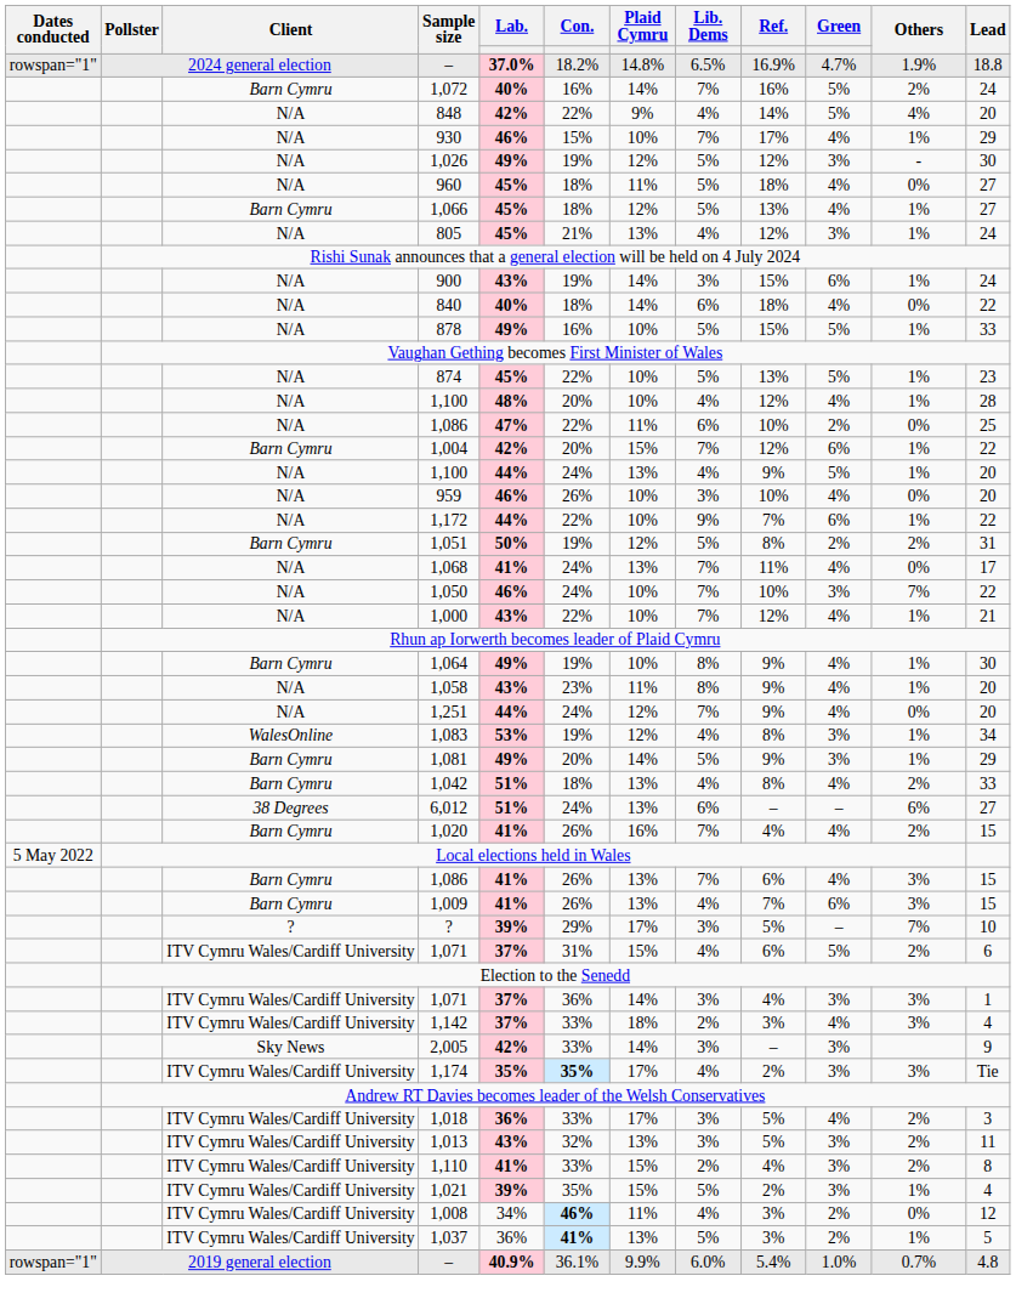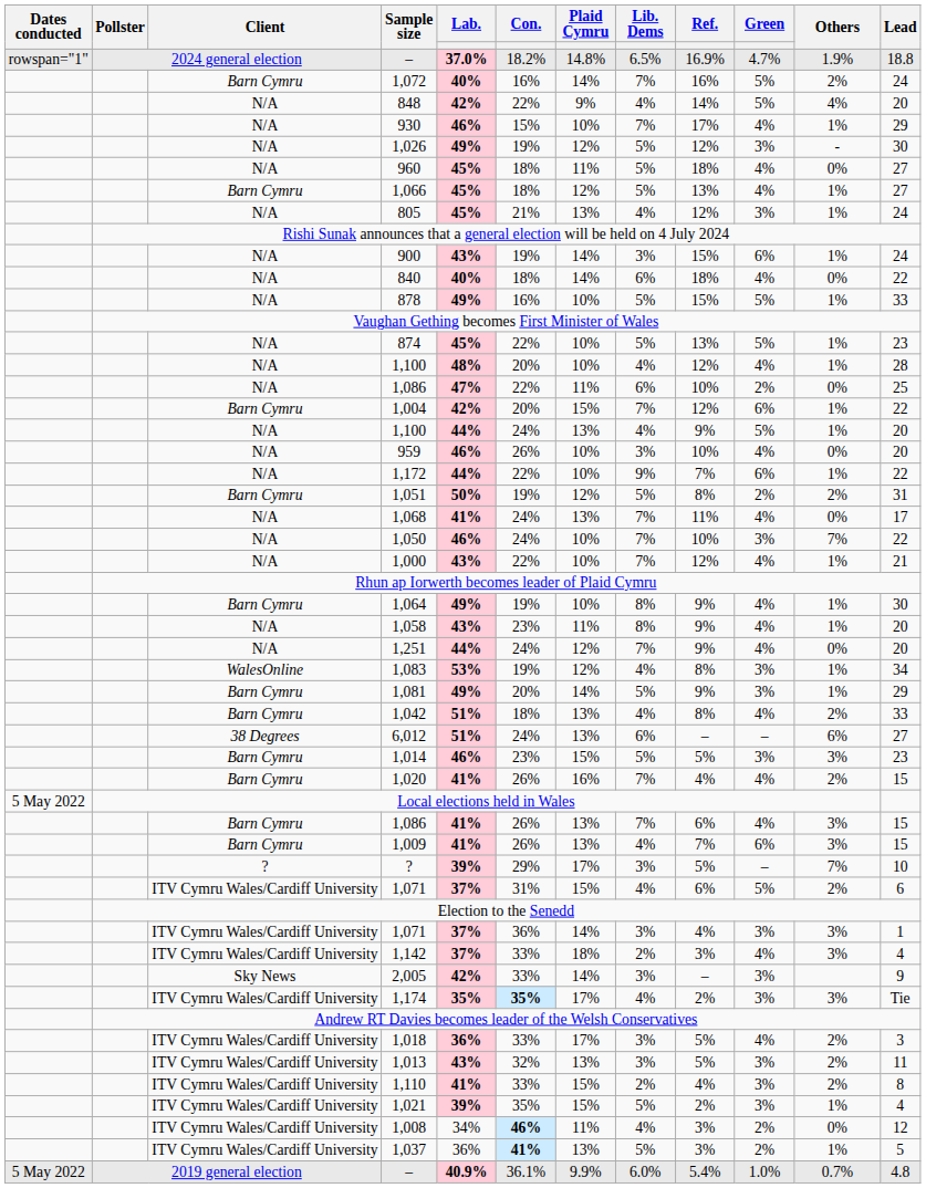 <table class="wikitable sortable mw-datatable" style="text-align:center; font-size:90%; line-height:14px;">
 <tr>
 <th rowspan="2">Dates <br>conducted</th>
 <th rowspan="2">Pollster</th>
 <th rowspan="2">Client</th>
 <th data-sort-type="number" rowspan="2">Sample <br>size</th>
 <th class="unsortable" style="width:50px;"><a href='#'>Lab.</a></th>
 <th class="unsortable" style="width:50px;"><a href='#'>Con.</a></th>
 <th class="unsortable" style="width:50px;"><a href='#'>Plaid Cymru</a></th>
 <th class="unsortable" style="width:50px;"><a href='#'>Lib. Dems</a></th>
 <th class="unsortable" style="width:50px;"><a href='#'>Ref.</a></th>
 <th class="unsortable" style="width:50px;"><a href='#'>Green</a></th>
 <th rowspan="2" class="unsortable" style="width:75px;">Others</th>
 <th data-sort-type="number" rowspan="2">Lead</th>
 </tr>
 <tr>
 <th data-sort-type="number" style="background:"></th>
 <th data-sort-type="number" style="background:"></th>
 <th data-sort-type="number" style="background:"></th>
 <th data-sort-type="number" style="background:"></th>
 <th data-sort-type="number" style="background:"></th>
 <th data-sort-type="number" style="background:"></th>
 </tr>
 <tr style="background:#e9e9e9;">
 <td>rowspan="1" </td>
 <td colspan="2"><a href='#'>2024 general election</a></td>
 <td>–</td>
 <td style="background:#ffccd9;"><strong>37.0%</strong></td>
 <td>18.2%</td>
 <td>14.8%</td>
 <td>6.5%</td>
 <td>16.9%</td>
 <td>4.7%</td>
 <td>1.9%</td>
 <td style="background:">18.8</td>
 </tr>
 <tr>
 <td></td>
 <td></td>
 <td><em>Barn Cymru</em></td>
 <td>1,072</td>
 <td style="background:#ffccd9;"><strong>40%</strong></td>
 <td>16%</td>
 <td>14%</td>
 <td>7%</td>
 <td>16%</td>
 <td>5%</td>
 <td>2%</td>
 <td style="background:">24</td>
 </tr>
 <tr>
 <td></td>
 <td></td>
 <td>N/A</td>
 <td>848</td>
 <td style="background:#ffccd9;"><strong>42%</strong></td>
 <td>22%</td>
 <td>9%</td>
 <td>4%</td>
 <td>14%</td>
 <td>5%</td>
 <td>4%</td>
 <td style="background:">20</td>
 </tr>
 <tr>
 <td></td>
 <td></td>
 <td>N/A</td>
 <td>930</td>
 <td style="background:#ffccd9;"><strong>46%</strong></td>
 <td>15%</td>
 <td>10%</td>
 <td>7%</td>
 <td>17%</td>
 <td>4%</td>
 <td>1%</td>
 <td style="background:">29</td>
 </tr>
 <tr>
 <td></td>
 <td></td>
 <td>N/A</td>
 <td>1,026</td>
 <td style="background:#ffccd9;"><strong>49%</strong></td>
 <td>19%</td>
 <td>12%</td>
 <td>5%</td>
 <td>12%</td>
 <td>3%</td>
 <td>-</td>
 <td style="background:">30</td>
 </tr>
 <tr>
 <td></td>
 <td></td>
 <td>N/A</td>
 <td>960</td>
 <td style="background:#ffccd9;"><strong>45%</strong></td>
 <td>18%</td>
 <td>11%</td>
 <td>5%</td>
 <td>18%</td>
 <td>4%</td>
 <td>0%</td>
 <td style="background:">27</td>
 </tr>
 <tr>
 <td></td>
 <td></td>
 <td><em>Barn Cymru</em></td>
 <td>1,066</td>
 <td style="background:#ffccd9;"><strong>45%</strong></td>
 <td>18%</td>
 <td>12%</td>
 <td>5%</td>
 <td>13%</td>
 <td>4%</td>
 <td>1%</td>
 <td style="background:">27</td>
 </tr>
 <tr>
 <td></td>
 <td></td>
 <td>N/A</td>
 <td>805</td>
 <td style="background:#ffccd9;"><strong>45%</strong></td>
 <td>21%</td>
 <td>13%</td>
 <td>4%</td>
 <td>12%</td>
 <td>3%</td>
 <td>1%</td>
 <td style="background:">24</td>
 </tr>
 <tr>
 <td></td>
 <td colspan="11"><a href='#'>Rishi Sunak</a> announces that a <a href='#'>general election</a> will be held on 4 July 2024</td>
 </tr>
 <tr>
 <td></td>
 <td></td>
 <td>N/A</td>
 <td>900</td>
 <td style="background:#ffccd9;"><strong>43%</strong></td>
 <td>19%</td>
 <td>14%</td>
 <td>3%</td>
 <td>15%</td>
 <td>6%</td>
 <td>1%</td>
 <td style="background:">24</td>
 </tr>
 <tr>
 <td></td>
 <td></td>
 <td>N/A</td>
 <td>840</td>
 <td style="background:#ffccd9;"><strong>40%</strong></td>
 <td>18%</td>
 <td>14%</td>
 <td>6%</td>
 <td>18%</td>
 <td>4%</td>
 <td>0%</td>
 <td style="background:">22</td>
 </tr>
 <tr>
 <td></td>
 <td></td>
 <td>N/A</td>
 <td>878</td>
 <td style="background:#ffccd9;"><strong>49%</strong></td>
 <td>16%</td>
 <td>10%</td>
 <td>5%</td>
 <td>15%</td>
 <td>5%</td>
 <td>1%</td>
 <td style="background:">33</td>
 </tr>
 <tr>
 <td></td>
 <td colspan="11"><a href='#'>Vaughan Gething</a> becomes  <a href='#'>First Minister of Wales</a></td>
 </tr>
 <tr>
 <td></td>
 <td></td>
 <td>N/A</td>
 <td>874</td>
 <td style="background:#ffccd9;"><strong>45%</strong></td>
 <td>22%</td>
 <td>10%</td>
 <td>5%</td>
 <td>13%</td>
 <td>5%</td>
 <td>1%</td>
 <td style="background:">23</td>
 </tr>
 <tr>
 <td></td>
 <td></td>
 <td>N/A</td>
 <td>1,100</td>
 <td style="background:#ffccd9;"><strong>48%</strong></td>
 <td>20%</td>
 <td>10%</td>
 <td>4%</td>
 <td>12%</td>
 <td>4%</td>
 <td>1%</td>
 <td style="background:">28</td>
 </tr>
 <tr>
 <td></td>
 <td></td>
 <td>N/A</td>
 <td>1,086</td>
 <td style="background:#ffccd9;"><strong>47%</strong></td>
 <td>22%</td>
 <td>11%</td>
 <td>6%</td>
 <td>10%</td>
 <td>2%</td>
 <td>0%</td>
 <td style="background:">25</td>
 </tr>
 <tr>
 <td></td>
 <td></td>
 <td><em>Barn Cymru</em></td>
 <td>1,004</td>
 <td style="background:#ffccd9;"><strong>42%</strong></td>
 <td>20%</td>
 <td>15%</td>
 <td>7%</td>
 <td>12%</td>
 <td>6%</td>
 <td>1%</td>
 <td style="background:">22</td>
 </tr>
 <tr>
 <td></td>
 <td></td>
 <td>N/A</td>
 <td>1,100</td>
 <td style="background:#ffccd9;"><strong>44%</strong></td>
 <td>24%</td>
 <td>13%</td>
 <td>4%</td>
 <td>9%</td>
 <td>5%</td>
 <td>1%</td>
 <td style="background:">20</td>
 </tr>
 <tr>
 <td></td>
 <td></td>
 <td>N/A</td>
 <td>959</td>
 <td style="background:#ffccd9;"><strong>46%</strong></td>
 <td>26%</td>
 <td>10%</td>
 <td>3%</td>
 <td>10%</td>
 <td>4%</td>
 <td>0%</td>
 <td style="background:">20</td>
 </tr>
 <tr>
 <td></td>
 <td></td>
 <td>N/A</td>
 <td>1,172</td>
 <td style="background:#ffccd9;"><strong>44%</strong></td>
 <td>22%</td>
 <td>10%</td>
 <td>9%</td>
 <td>7%</td>
 <td>6%</td>
 <td>1%</td>
 <td style="background:">22</td>
 </tr>
 <tr>
 <td></td>
 <td></td>
 <td><em>Barn Cymru</em></td>
 <td>1,051</td>
 <td style="background:#ffccd9;"><strong>50%</strong></td>
 <td>19%</td>
 <td>12%</td>
 <td>5%</td>
 <td>8%</td>
 <td>2%</td>
 <td>2%</td>
 <td style="background:">31</td>
 </tr>
 <tr>
 <td></td>
 <td></td>
 <td>N/A</td>
 <td>1,068</td>
 <td style="background:#ffccd9;"><strong>41%</strong></td>
 <td>24%</td>
 <td>13%</td>
 <td>7%</td>
 <td>11%</td>
 <td>4%</td>
 <td>0%</td>
 <td style="background:">17</td>
 </tr>
 <tr>
 <td></td>
 <td></td>
 <td>N/A</td>
 <td>1,050</td>
 <td style="background:#ffccd9;"><strong>46%</strong></td>
 <td>24%</td>
 <td>10%</td>
 <td>7%</td>
 <td>10%</td>
 <td>3%</td>
 <td>7%</td>
 <td style="background:">22</td>
 </tr>
 <tr>
 <td></td>
 <td></td>
 <td>N/A</td>
 <td>1,000</td>
 <td style="background:#ffccd9;"><strong>43%</strong></td>
 <td>22%</td>
 <td>10%</td>
 <td>7%</td>
 <td>12%</td>
 <td>4%</td>
 <td>1%</td>
 <td style="background:">21</td>
 </tr>
 <tr>
 <td></td>
 <td colspan="11"><a href='#'>Rhun ap Iorwerth becomes leader of Plaid Cymru</a></td>
 </tr>
 <tr>
 <td></td>
 <td></td>
 <td><em>Barn Cymru</em></td>
 <td>1,064</td>
 <td style="background:#ffccd9;"><strong>49%</strong></td>
 <td>19%</td>
 <td>10%</td>
 <td>8%</td>
 <td>9%</td>
 <td>4%</td>
 <td>1%</td>
 <td style="background:">30</td>
 </tr>
 <tr>
 <td></td>
 <td></td>
 <td>N/A</td>
 <td>1,058</td>
 <td style="background:#ffccd9;"><strong>43%</strong></td>
 <td>23%</td>
 <td>11%</td>
 <td>8%</td>
 <td>9%</td>
 <td>4%</td>
 <td>1%</td>
 <td style="background:">20</td>
 </tr>
 <tr>
 <td></td>
 <td></td>
 <td>N/A</td>
 <td>1,251</td>
 <td style="background:#ffccd9;"><strong>44%</strong></td>
 <td>24%</td>
 <td>12%</td>
 <td>7%</td>
 <td>9%</td>
 <td>4%</td>
 <td>0%</td>
 <td style="background:">20</td>
 </tr>
 <tr>
 <td></td>
 <td></td>
 <td><em>WalesOnline</em></td>
 <td>1,083</td>
 <td style="background:#ffccd9;"><strong>53%</strong></td>
 <td>19%</td>
 <td>12%</td>
 <td>4%</td>
 <td>8%</td>
 <td>3%</td>
 <td>1%</td>
 <td style="background:">34</td>
 </tr>
 <tr>
 <td></td>
 <td></td>
 <td><em>Barn Cymru</em></td>
 <td>1,081</td>
 <td style="background:#ffccd9;"><strong>49%</strong></td>
 <td>20%</td>
 <td>14%</td>
 <td>5%</td>
 <td>9%</td>
 <td>3%</td>
 <td>1%</td>
 <td style="background:">29</td>
 </tr>
 <tr>
 <td></td>
 <td></td>
 <td><em>Barn Cymru</em></td>
 <td>1,042</td>
 <td style="background:#ffccd9;"><strong>51%</strong></td>
 <td>18%</td>
 <td>13%</td>
 <td>4%</td>
 <td>8%</td>
 <td>4%</td>
 <td>2%</td>
 <td style="background:">33</td>
 </tr>
 <tr>
 <td></td>
 <td></td>
 <td><em>38 Degrees</em></td>
 <td>6,012</td>
 <td style="background:#ffccd9;"><strong>51%</strong></td>
 <td>24%</td>
 <td>13%</td>
 <td>6%</td>
 <td>–</td>
 <td>–</td>
 <td>6%</td>
 <td style="background:">27</td>
 </tr>
 <tr>
 <td></td>
 <td></td>
 <td><em>Barn Cymru</em></td>
+<td>1,014</td>
+<td style="background:#ffccd9;"><strong>46%</strong></td>
+<td>23%</td>
+<td>15%</td>
+<td>5%</td>
+<td>5%</td>
+<td>3%</td>
+<td>3%</td>
+<td style="background:">23</td>
+</tr>
+<tr>
+<td></td>
+<td></td>
+<td><em>Barn Cymru</em></td>
 <td>1,020</td>
 <td style="background:#ffccd9;"><strong>41%</strong></td>
 <td>26%</td>
 <td>16%</td>
 <td>7%</td>
 <td>4%</td>
 <td>4%</td>
 <td>2%</td>
 <td style="background:">15</td>
 </tr>
 <tr>
 <td>5 May 2022</td>
 <td colspan="10"><a href='#'>Local elections held in Wales</a></td>
 </tr>
 <tr>
 <td></td>
 <td></td>
 <td><em>Barn Cymru</em></td>
 <td>1,086</td>
 <td style="background:#ffccd9;"><strong>41%</strong></td>
 <td>26%</td>
 <td>13%</td>
 <td>7%</td>
 <td>6%</td>
 <td>4%</td>
 <td>3%</td>
 <td style="background:">15</td>
 </tr>
 <tr>
 <td></td>
 <td></td>
 <td><em>Barn Cymru</em></td>
 <td>1,009</td>
 <td style="background:#ffccd9;"><strong>41%</strong></td>
 <td>26%</td>
 <td>13%</td>
 <td>4%</td>
 <td>7%</td>
 <td>6%</td>
 <td>3%</td>
 <td style="background:">15</td>
 </tr>
 <tr>
 <td></td>
 <td></td>
 <td>?</td>
 <td>?</td>
 <td style="background:#ffccd9;"><strong>39%</strong></td>
 <td>29%</td>
 <td>17%</td>
 <td>3%</td>
 <td>5%</td>
 <td>–</td>
 <td>7%</td>
 <td style="background:">10</td>
 </tr>
 <tr>
 <td></td>
 <td></td>
 <td>ITV Cymru Wales/Cardiff University</td>
 <td>1,071</td>
 <td style="background:#ffccd9;"><strong>37%</strong></td>
 <td>31%</td>
 <td>15%</td>
 <td>4%</td>
 <td>6%</td>
 <td>5%</td>
 <td>2%</td>
 <td style="background:">6</td>
 </tr>
 <tr>
 <td></td>
 <td colspan="11">Election to the <a href='#'>Senedd</a></td>
 </tr>
 <tr>
 <td></td>
 <td></td>
 <td>ITV Cymru Wales/Cardiff University</td>
 <td>1,071</td>
 <td style="background:#ffccd9;"><strong>37%</strong></td>
 <td>36%</td>
 <td>14%</td>
 <td>3%</td>
 <td>4%</td>
 <td>3%</td>
 <td>3%</td>
 <td style="background:">1</td>
 </tr>
 <tr>
 <td></td>
 <td></td>
 <td>ITV Cymru Wales/Cardiff University</td>
 <td>1,142</td>
 <td style="background:#ffccd9;"><strong>37%</strong></td>
 <td>33%</td>
 <td>18%</td>
 <td>2%</td>
 <td>3%</td>
 <td>4%</td>
 <td>3%</td>
 <td style="background:">4</td>
 </tr>
 <tr>
 <td></td>
 <td></td>
 <td>Sky News</td>
 <td>2,005</td>
 <td style="background:#ffccd9;"><strong>42%</strong></td>
 <td>33%</td>
 <td>14%</td>
 <td>3%</td>
 <td>–</td>
 <td>3%</td>
 <td></td>
 <td style="background:">9</td>
 </tr>
 <tr>
 <td></td>
 <td></td>
 <td>ITV Cymru Wales/Cardiff University</td>
 <td>1,174</td>
 <td style="background:#ffccd9;"><strong>35%</strong></td>
 <td style="background:#ccebff;"><strong>35%</strong></td>
 <td>17%</td>
 <td>4%</td>
 <td>2%</td>
 <td>3%</td>
 <td>3%</td>
 <td data-sort-value="0">Tie</td>
 </tr>
 <tr>
 <td></td>
 <td colspan="11"><a href='#'>Andrew RT Davies becomes leader of the Welsh Conservatives</a></td>
 </tr>
 <tr>
 <td></td>
 <td></td>
 <td>ITV Cymru Wales/Cardiff University</td>
 <td>1,018</td>
 <td style="background:#ffccd9;"><strong>36%</strong></td>
 <td>33%</td>
 <td>17%</td>
 <td>3%</td>
 <td>5%</td>
 <td>4%</td>
 <td>2%</td>
 <td style="background:">3</td>
 </tr>
 <tr>
 <td></td>
 <td></td>
 <td>ITV Cymru Wales/Cardiff University</td>
 <td>1,013</td>
 <td style="background:#ffccd9;"><strong>43%</strong></td>
 <td>32%</td>
 <td>13%</td>
 <td>3%</td>
 <td>5%</td>
 <td>3%</td>
 <td>2%</td>
 <td style="background:">11</td>
 </tr>
 <tr>
 <td></td>
 <td></td>
 <td>ITV Cymru Wales/Cardiff University</td>
 <td>1,110</td>
 <td style="background:#ffccd9;"><strong>41%</strong></td>
 <td>33%</td>
 <td>15%</td>
 <td>2%</td>
 <td>4%</td>
 <td>3%</td>
 <td>2%</td>
 <td style="background:">8</td>
 </tr>
 <tr>
 <td></td>
 <td></td>
 <td>ITV Cymru Wales/Cardiff University</td>
 <td>1,021</td>
 <td style="background:#ffccd9;"><strong>39%</strong></td>
 <td>35%</td>
 <td>15%</td>
 <td>5%</td>
 <td>2%</td>
 <td>3%</td>
 <td>1%</td>
 <td style="background:">4</td>
 </tr>
 <tr>
 <td></td>
 <td></td>
 <td>ITV Cymru Wales/Cardiff University</td>
 <td>1,008</td>
 <td>34%</td>
 <td style="background:#CCEBFF;"><strong>46%</strong></td>
 <td>11%</td>
 <td>4%</td>
 <td>3%</td>
 <td>2%</td>
 <td>0%</td>
 <td style="background:">12</td>
 </tr>
 <tr>
 <td></td>
 <td></td>
 <td>ITV Cymru Wales/Cardiff University</td>
 <td>1,037</td>
 <td>36%</td>
 <td style="background:#CCEBFF;"><strong>41%</strong></td>
 <td>13%</td>
 <td>5%</td>
 <td>3%</td>
 <td>2%</td>
 <td>1%</td>
 <td style="background:">5</td>
 </tr>
 <tr style="background:#e9e9e9;">
-<td>rowspan="1" </td>
+<td>5 May 2022</td>
 <td colspan="2"><a href='#'>2019 general election</a></td>
 <td>–</td>
 <td style="background:#ffccd9;"><strong>40.9%</strong></td>
 <td>36.1%</td>
 <td>9.9%</td>
 <td>6.0%</td>
 <td>5.4%</td>
 <td>1.0%</td>
 <td>0.7%</td>
 <td style="background:">4.8</td>
 </tr>
 </table>
